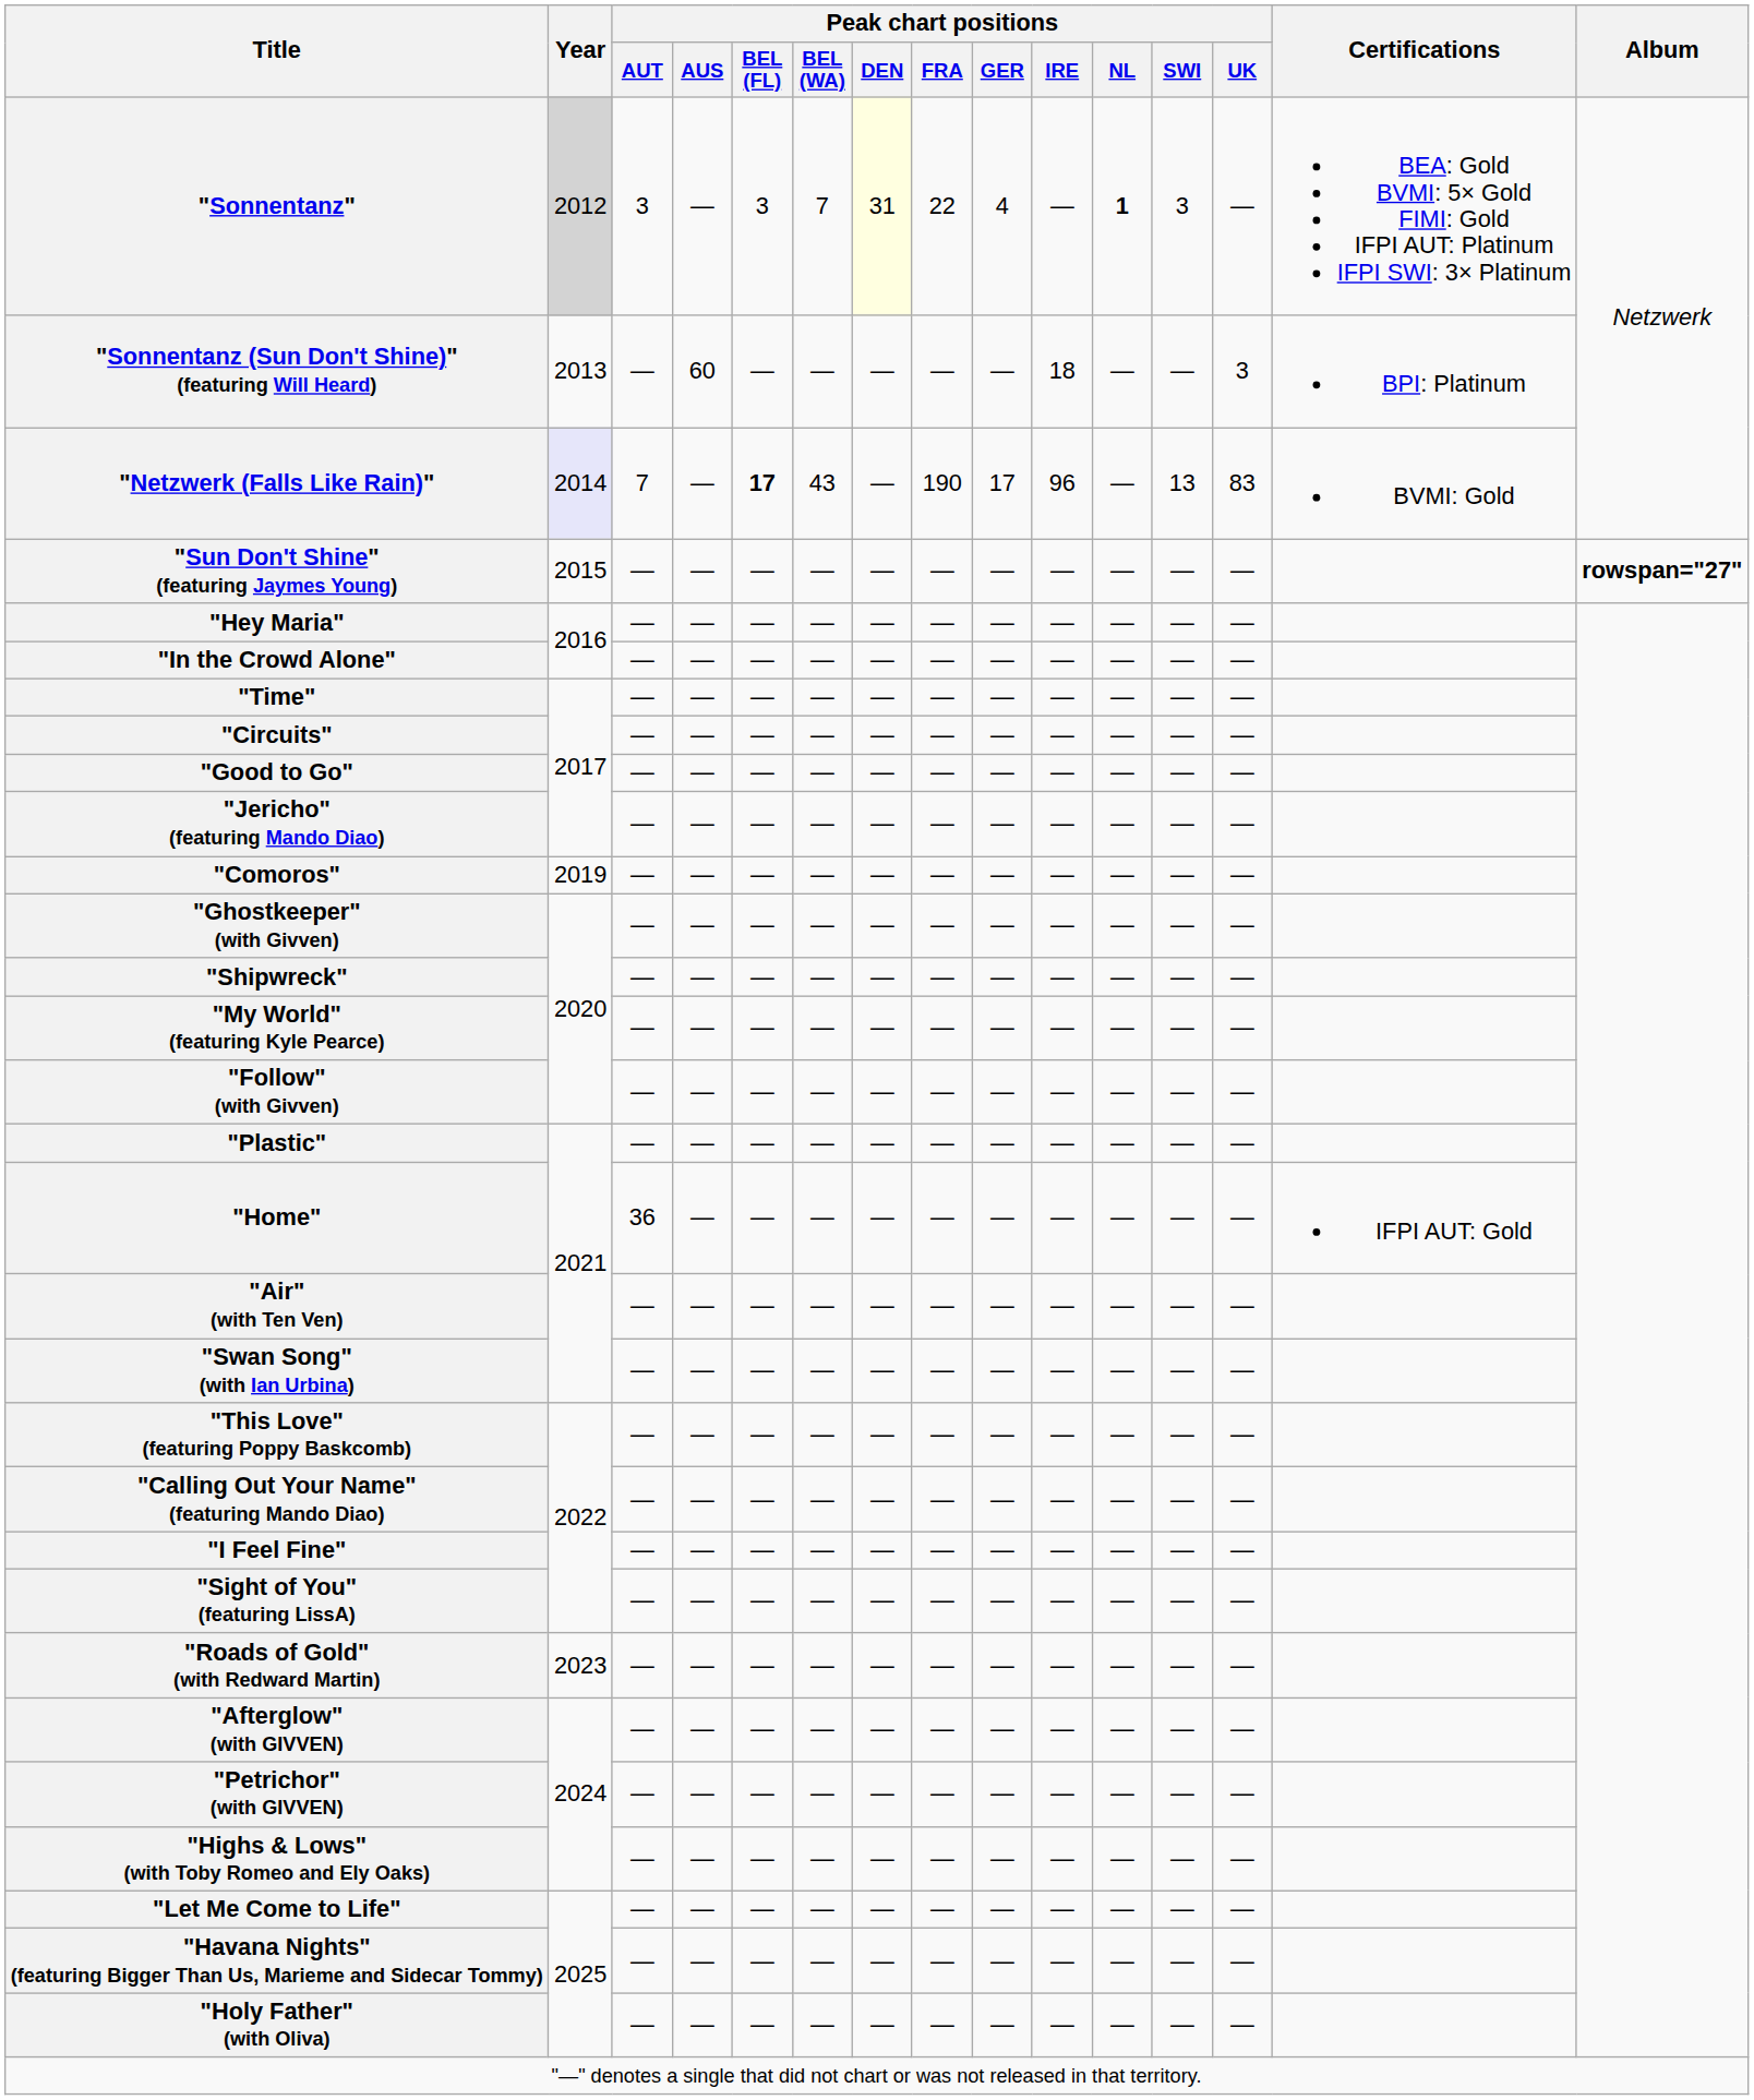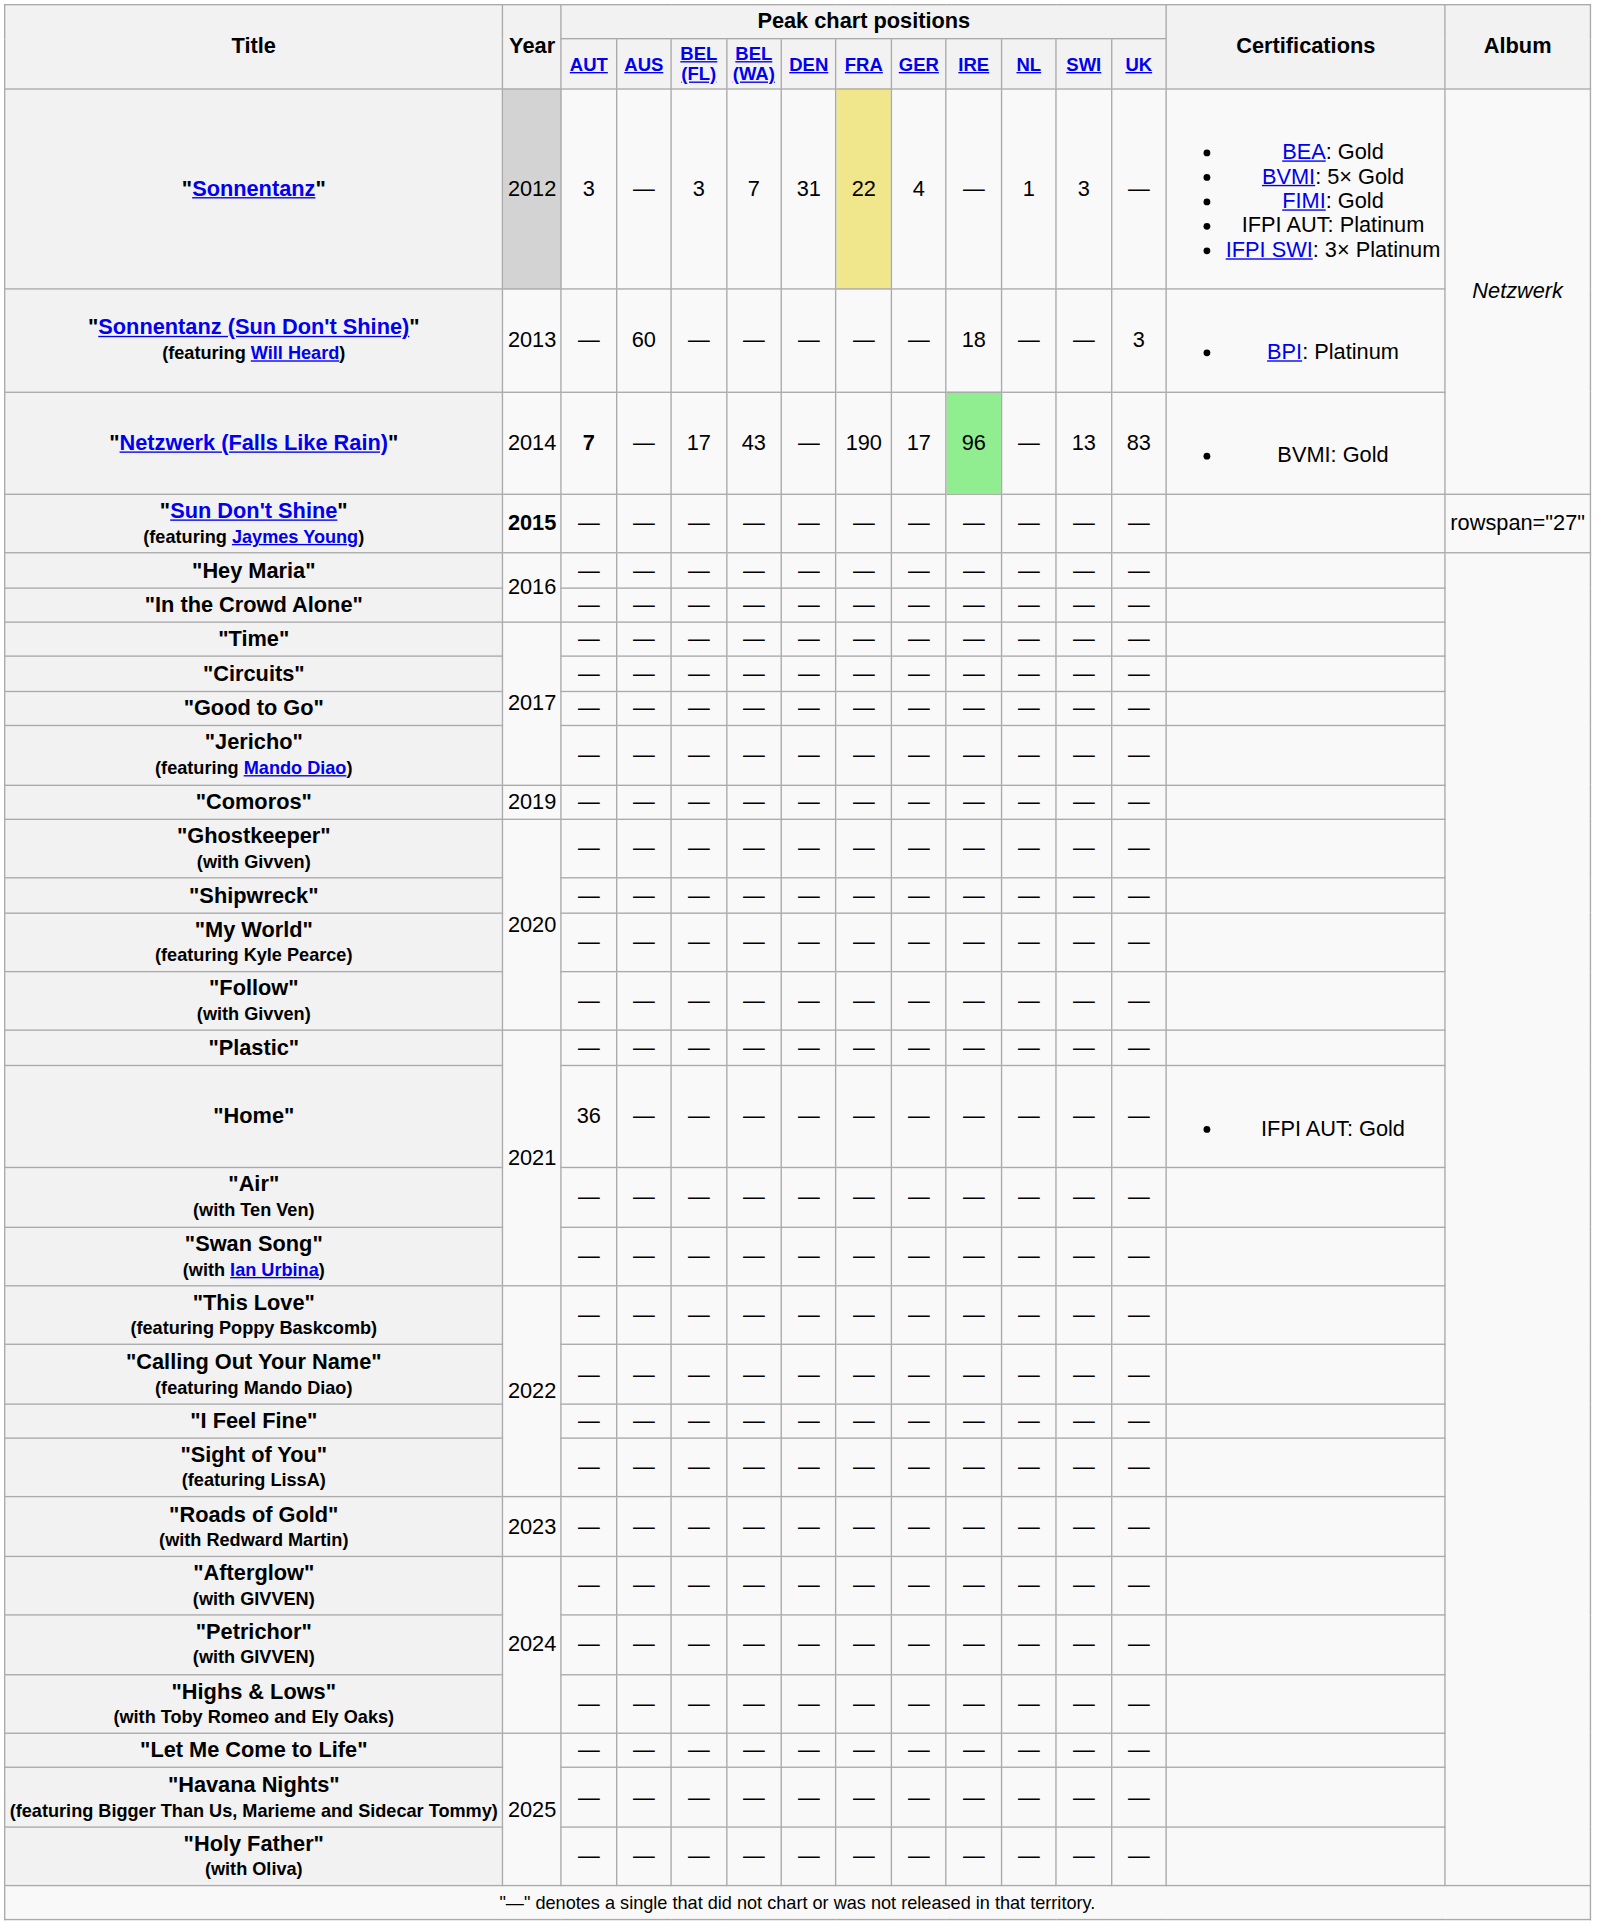 <table class="wikitable plainrowheaders" style="text-align:center;">
 <tr>
 <th rowspan="2" scope="col">Title</th>
 <th scope="col" rowspan="2">Year</th>
 <th colspan="11">Peak chart positions</th>
 <th scope="col" rowspan="2">Certifications</th>
 <th scope="col" rowspan="2">Album</th>
 </tr>
 <tr>
 <th scope="col" style="width:2.5em;font-size:85%;"><a href='#'>AUT</a><br></th>
 <th scope="col" style="width:2.5em;font-size:85%;"><a href='#'>AUS</a><br></th>
 <th scope="col" style="width:2.5em;font-size:85%;"><a href='#'>BEL (FL)</a><br></th>
 <th scope="col" style="width:2.5em;font-size:85%;"><a href='#'>BEL (WA)</a><br></th>
 <th scope="col" style="width:2.5em;font-size:85%;"><a href='#'>DEN</a><br></th>
 <th scope="col" style="width:2.5em;font-size:85%;"><a href='#'>FRA</a><br></th>
 <th scope="col" style="width:2.5em;font-size:85%;"><a href='#'>GER</a><br></th>
 <th scope="col" style="width:2.5em;font-size:85%;"><a href='#'>IRE</a><br></th>
 <th scope="col" style="width:2.5em;font-size:85%;"><a href='#'>NL</a><br></th>
 <th scope="col" style="width:2.5em;font-size:85%;"><a href='#'>SWI</a><br></th>
 <th scope="col" style="width:2.5em;font-size:85%;"><a href='#'>UK</a><br></th>
 </tr>
 <tr>
 <th scope="row">"<a href='#'>Sonnentanz</a>"</th>
 <td style="background: lightgrey;">2012</td>
 <td>3</td>
 <td>—</td>
 <td>3</td>
 <td>7</td>
-<td style="background: lightyellow;">31</td>
-<td>22</td>
+<td>31</td>
+<td style="background: khaki;">22</td>
 <td>4</td>
 <td>—</td>
-<td><strong>1</strong></td>
+<td>1</td>
 <td>3</td>
 <td>—</td>
 <td><br><ul><li><a href='#'>BEA</a>: Gold</li><li><a href='#'>BVMI</a>: 5× Gold</li><li><a href='#'>FIMI</a>: Gold</li><li>IFPI AUT: Platinum</li><li><a href='#'>IFPI SWI</a>: 3× Platinum</li></ul></td>
 <td rowspan="3"><em>Netzwerk</em></td>
 </tr>
 <tr>
 <th scope="row">"<a href='#'>Sonnentanz (Sun Don't Shine)</a>"<br><small>(featuring <a href='#'>Will Heard</a>)</small></th>
 <td>2013</td>
 <td>—</td>
 <td>60</td>
 <td>—</td>
 <td>—</td>
 <td>—</td>
 <td>—</td>
 <td>—</td>
 <td>18</td>
 <td>—</td>
 <td>—</td>
 <td>3</td>
 <td><br><ul><li><a href='#'>BPI</a>: Platinum</li></ul></td>
 </tr>
 <tr>
 <th scope="row">"<a href='#'>Netzwerk (Falls Like Rain)</a>"</th>
-<td style="background: lavender;">2014</td>
-<td>7</td>
+<td>2014</td>
+<td><strong>7</strong></td>
 <td>—</td>
-<td><strong>17</strong></td>
+<td>17</td>
 <td>43</td>
 <td>—</td>
 <td>190</td>
 <td>17</td>
-<td>96</td>
+<td style="background: lightgreen;">96</td>
 <td>—</td>
 <td>13</td>
 <td>83</td>
 <td><br><ul><li>BVMI: Gold</li></ul></td>
 </tr>
 <tr>
 <th scope="row">"<a href='#'>Sun Don't Shine</a>"<br><small>(featuring <a href='#'>Jaymes Young</a>)</small></th>
-<td>2015</td>
+<td><strong>2015</strong></td>
 <td>—</td>
 <td>—</td>
 <td>—</td>
 <td>—</td>
 <td>—</td>
 <td>—</td>
 <td>—</td>
 <td>—</td>
 <td>—</td>
 <td>—</td>
 <td>—</td>
 <td></td>
-<td><strong>rowspan="27" </strong></td>
+<td>rowspan="27" </td>
 </tr>
 <tr>
 <th scope="row">"Hey Maria"</th>
 <td rowspan="2">2016</td>
 <td>—</td>
 <td>—</td>
 <td>—</td>
 <td>—</td>
 <td>—</td>
 <td>—</td>
 <td>—</td>
 <td>—</td>
 <td>—</td>
 <td>—</td>
 <td>—</td>
 <td></td>
 </tr>
 <tr>
 <th scope="row">"In the Crowd Alone"</th>
 <td>—</td>
 <td>—</td>
 <td>—</td>
 <td>—</td>
 <td>—</td>
 <td>—</td>
 <td>—</td>
 <td>—</td>
 <td>—</td>
 <td>—</td>
 <td>—</td>
 <td></td>
 </tr>
 <tr>
 <th scope="row">"Time"</th>
 <td rowspan="4">2017</td>
 <td>—</td>
 <td>—</td>
 <td>—</td>
 <td>—</td>
 <td>—</td>
 <td>—</td>
 <td>—</td>
 <td>—</td>
 <td>—</td>
 <td>—</td>
 <td>—</td>
 <td></td>
 </tr>
 <tr>
 <th scope="row">"Circuits"</th>
 <td>—</td>
 <td>—</td>
 <td>—</td>
 <td>—</td>
 <td>—</td>
 <td>—</td>
 <td>—</td>
 <td>—</td>
 <td>—</td>
 <td>—</td>
 <td>—</td>
 <td></td>
 </tr>
 <tr>
 <th scope="row">"Good to Go"</th>
 <td>—</td>
 <td>—</td>
 <td>—</td>
 <td>—</td>
 <td>—</td>
 <td>—</td>
 <td>—</td>
 <td>—</td>
 <td>—</td>
 <td>—</td>
 <td>—</td>
 <td></td>
 </tr>
 <tr>
 <th scope="row">"Jericho"<br><small>(featuring <a href='#'>Mando Diao</a>)</small></th>
 <td>—</td>
 <td>—</td>
 <td>—</td>
 <td>—</td>
 <td>—</td>
 <td>—</td>
 <td>—</td>
 <td>—</td>
 <td>—</td>
 <td>—</td>
 <td>—</td>
 <td></td>
 </tr>
 <tr>
 <th scope="row">"Comoros"</th>
 <td>2019</td>
 <td>—</td>
 <td>—</td>
 <td>—</td>
 <td>—</td>
 <td>—</td>
 <td>—</td>
 <td>—</td>
 <td>—</td>
 <td>—</td>
 <td>—</td>
 <td>—</td>
 <td></td>
 </tr>
 <tr>
 <th scope="row">"Ghostkeeper"<br><small>(with Givven)</small></th>
 <td rowspan="4">2020</td>
 <td>—</td>
 <td>—</td>
 <td>—</td>
 <td>—</td>
 <td>—</td>
 <td>—</td>
 <td>—</td>
 <td>—</td>
 <td>—</td>
 <td>—</td>
 <td>—</td>
 <td></td>
 </tr>
 <tr>
 <th scope="row">"Shipwreck"</th>
 <td>—</td>
 <td>—</td>
 <td>—</td>
 <td>—</td>
 <td>—</td>
 <td>—</td>
 <td>—</td>
 <td>—</td>
 <td>—</td>
 <td>—</td>
 <td>—</td>
 <td></td>
 </tr>
 <tr>
 <th scope="row">"My World"<br><small>(featuring Kyle Pearce)</small></th>
 <td>—</td>
 <td>—</td>
 <td>—</td>
 <td>—</td>
 <td>—</td>
 <td>—</td>
 <td>—</td>
 <td>—</td>
 <td>—</td>
 <td>—</td>
 <td>—</td>
 <td></td>
 </tr>
 <tr>
 <th scope="row">"Follow"<br><small>(with Givven)</small></th>
 <td>—</td>
 <td>—</td>
 <td>—</td>
 <td>—</td>
 <td>—</td>
 <td>—</td>
 <td>—</td>
 <td>—</td>
 <td>—</td>
 <td>—</td>
 <td>—</td>
 <td></td>
 </tr>
 <tr>
 <th scope="row">"Plastic"</th>
 <td rowspan="4">2021</td>
 <td>—</td>
 <td>—</td>
 <td>—</td>
 <td>—</td>
 <td>—</td>
 <td>—</td>
 <td>—</td>
 <td>—</td>
 <td>—</td>
 <td>—</td>
 <td>—</td>
 <td></td>
 </tr>
 <tr>
 <th scope="row">"Home"</th>
 <td>36</td>
 <td>—</td>
 <td>—</td>
 <td>—</td>
 <td>—</td>
 <td>—</td>
 <td>—</td>
 <td>—</td>
 <td>—</td>
 <td>—</td>
 <td>—</td>
 <td><br><ul><li>IFPI AUT: Gold</li></ul></td>
 </tr>
 <tr>
 <th scope="row">"Air"<br><small>(with Ten Ven)</small></th>
 <td>—</td>
 <td>—</td>
 <td>—</td>
 <td>—</td>
 <td>—</td>
 <td>—</td>
 <td>—</td>
 <td>—</td>
 <td>—</td>
 <td>—</td>
 <td>—</td>
 <td></td>
 </tr>
 <tr>
 <th scope="row">"Swan Song"<br><small>(with <a href='#'>Ian Urbina</a>)</small></th>
 <td>—</td>
 <td>—</td>
 <td>—</td>
 <td>—</td>
 <td>—</td>
 <td>—</td>
 <td>—</td>
 <td>—</td>
 <td>—</td>
 <td>—</td>
 <td>—</td>
 <td></td>
 </tr>
 <tr>
 <th scope="row">"This Love"<br><small>(featuring Poppy Baskcomb)</small></th>
 <td rowspan="4">2022</td>
 <td>—</td>
 <td>—</td>
 <td>—</td>
 <td>—</td>
 <td>—</td>
 <td>—</td>
 <td>—</td>
 <td>—</td>
 <td>—</td>
 <td>—</td>
 <td>—</td>
 <td></td>
 </tr>
 <tr>
 <th scope="row">"Calling Out Your Name"<br><small>(featuring Mando Diao)</small></th>
 <td>—</td>
 <td>—</td>
 <td>—</td>
 <td>—</td>
 <td>—</td>
 <td>—</td>
 <td>—</td>
 <td>—</td>
 <td>—</td>
 <td>—</td>
 <td>—</td>
 <td></td>
 </tr>
 <tr>
 <th scope="row">"I Feel Fine"</th>
 <td>—</td>
 <td>—</td>
 <td>—</td>
 <td>—</td>
 <td>—</td>
 <td>—</td>
 <td>—</td>
 <td>—</td>
 <td>—</td>
 <td>—</td>
 <td>—</td>
 <td></td>
 </tr>
 <tr>
 <th scope="row">"Sight of You"<br><small>(featuring LissA)</small></th>
 <td>—</td>
 <td>—</td>
 <td>—</td>
 <td>—</td>
 <td>—</td>
 <td>—</td>
 <td>—</td>
 <td>—</td>
 <td>—</td>
 <td>—</td>
 <td>—</td>
 <td></td>
 </tr>
 <tr>
 <th scope="row">"Roads of Gold"<br><small>(with Redward Martin)</small></th>
 <td>2023</td>
 <td>—</td>
 <td>—</td>
 <td>—</td>
 <td>—</td>
 <td>—</td>
 <td>—</td>
 <td>—</td>
 <td>—</td>
 <td>—</td>
 <td>—</td>
 <td>—</td>
 <td></td>
 </tr>
 <tr>
 <th scope="row">"Afterglow"<br><small>(with GIVVEN)</small></th>
 <td rowspan="3">2024</td>
 <td>—</td>
 <td>—</td>
 <td>—</td>
 <td>—</td>
 <td>—</td>
 <td>—</td>
 <td>—</td>
 <td>—</td>
 <td>—</td>
 <td>—</td>
 <td>—</td>
 <td></td>
 </tr>
 <tr>
 <th scope="row">"Petrichor"<br><small>(with GIVVEN)</small></th>
 <td>—</td>
 <td>—</td>
 <td>—</td>
 <td>—</td>
 <td>—</td>
 <td>—</td>
 <td>—</td>
 <td>—</td>
 <td>—</td>
 <td>—</td>
 <td>—</td>
 <td></td>
 </tr>
 <tr>
 <th scope="row">"Highs & Lows"<br><small>(with Toby Romeo and Ely Oaks)</small></th>
 <td>—</td>
 <td>—</td>
 <td>—</td>
 <td>—</td>
 <td>—</td>
 <td>—</td>
 <td>—</td>
 <td>—</td>
 <td>—</td>
 <td>—</td>
 <td>—</td>
 <td></td>
 </tr>
 <tr>
 <th scope="row">"Let Me Come to Life"</th>
 <td rowspan="3">2025</td>
 <td>—</td>
 <td>—</td>
 <td>—</td>
 <td>—</td>
 <td>—</td>
 <td>—</td>
 <td>—</td>
 <td>—</td>
 <td>—</td>
 <td>—</td>
 <td>—</td>
 <td></td>
 </tr>
 <tr>
 <th scope="row">"Havana Nights"<br><small>(featuring Bigger Than Us, Marieme and Sidecar Tommy)</small></th>
 <td>—</td>
 <td>—</td>
 <td>—</td>
 <td>—</td>
 <td>—</td>
 <td>—</td>
 <td>—</td>
 <td>—</td>
 <td>—</td>
 <td>—</td>
 <td>—</td>
 <td></td>
 </tr>
 <tr>
 <th scope="row">"Holy Father"<br><small>(with Oliva)</small></th>
 <td>—</td>
 <td>—</td>
 <td>—</td>
 <td>—</td>
 <td>—</td>
 <td>—</td>
 <td>—</td>
 <td>—</td>
 <td>—</td>
 <td>—</td>
 <td>—</td>
 <td></td>
 </tr>
 <tr>
 <td colspan="19"><small>"—" denotes a single that did not chart or was not released in that territory.</small></td>
 </tr>
 </table>
